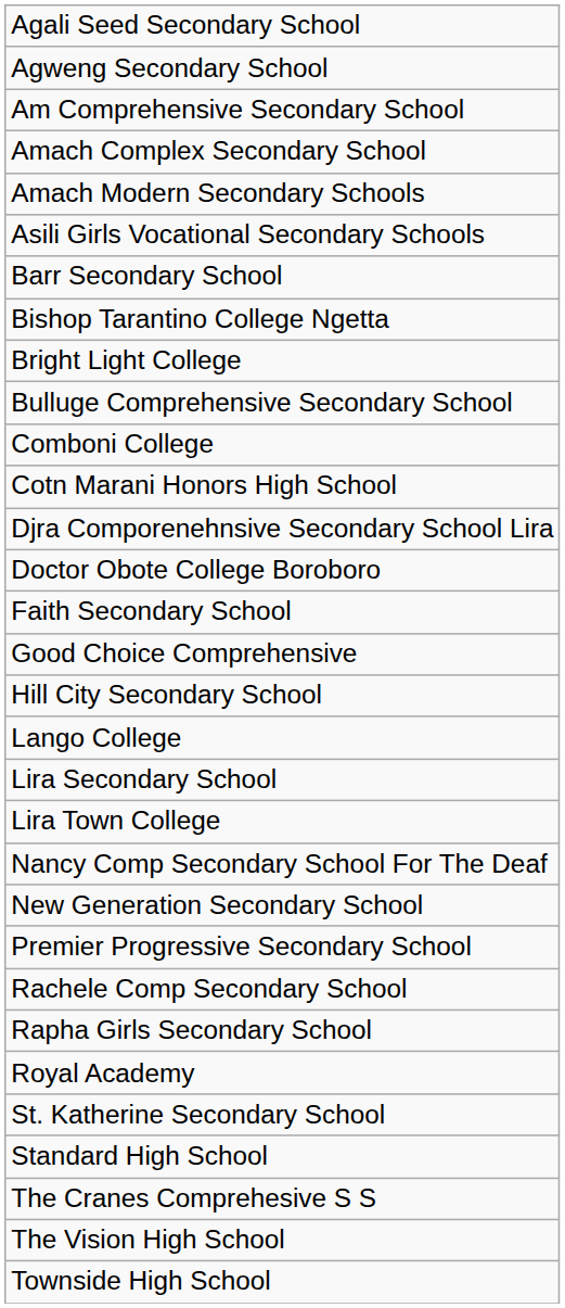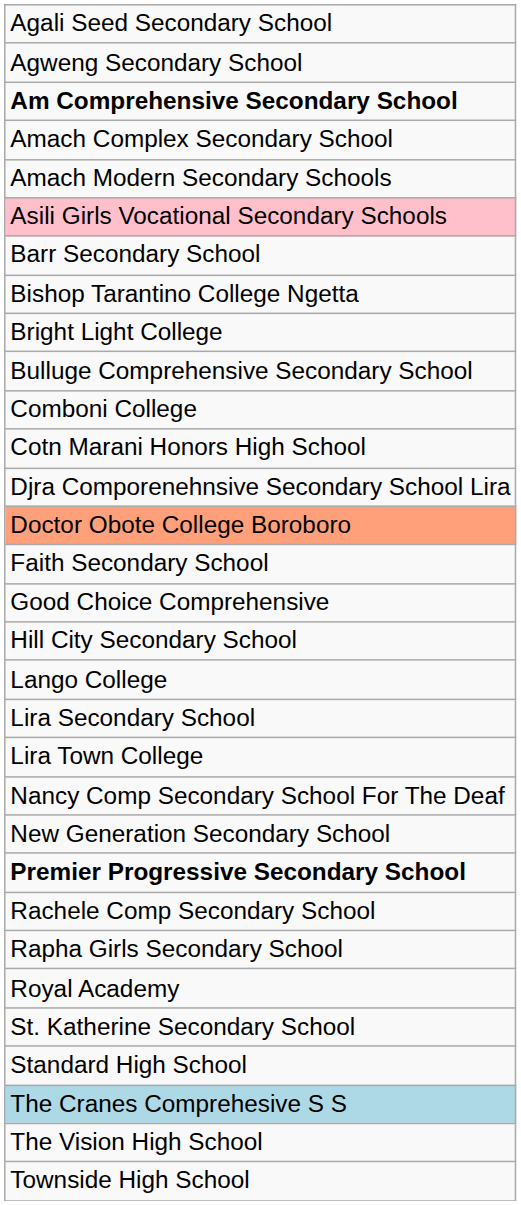 <table class="wikitable">
 <tr>
 <td>Agali Seed Secondary School</td>
 </tr>
 <tr>
 <td>Agweng Secondary School</td>
 </tr>
 <tr>
-<td>Am Comprehensive Secondary School</td>
+<td><strong>Am Comprehensive Secondary School</strong></td>
 </tr>
 <tr>
 <td>Amach Complex Secondary School</td>
 </tr>
 <tr>
 <td>Amach Modern Secondary Schools</td>
 </tr>
 <tr>
-<td>Asili Girls Vocational Secondary Schools</td>
+<td style="background: pink;">Asili Girls Vocational Secondary Schools</td>
 </tr>
 <tr>
 <td>Barr Secondary School</td>
 </tr>
 <tr>
 <td>Bishop Tarantino College Ngetta</td>
 </tr>
 <tr>
 <td>Bright Light College</td>
 </tr>
 <tr>
 <td>Bulluge Comprehensive Secondary School</td>
 </tr>
 <tr>
 <td>Comboni College</td>
 </tr>
 <tr>
 <td>Cotn Marani Honors High School</td>
 </tr>
 <tr>
 <td>Djra Comporenehnsive Secondary School Lira</td>
 </tr>
 <tr>
-<td>Doctor Obote College Boroboro</td>
+<td style="background: lightsalmon;">Doctor Obote College Boroboro</td>
 </tr>
 <tr>
 <td>Faith Secondary School</td>
 </tr>
 <tr>
 <td>Good Choice Comprehensive</td>
 </tr>
 <tr>
 <td>Hill City Secondary School</td>
 </tr>
 <tr>
 <td>Lango College</td>
 </tr>
 <tr>
 <td>Lira Secondary School</td>
 </tr>
 <tr>
 <td>Lira Town College</td>
 </tr>
 <tr>
 <td>Nancy Comp Secondary School For The Deaf</td>
 </tr>
 <tr>
 <td>New Generation Secondary School</td>
 </tr>
 <tr>
-<td>Premier Progressive Secondary School</td>
+<td><strong>Premier Progressive Secondary School</strong></td>
 </tr>
 <tr>
 <td>Rachele Comp Secondary School</td>
 </tr>
 <tr>
 <td>Rapha Girls Secondary School</td>
 </tr>
 <tr>
 <td>Royal Academy</td>
 </tr>
 <tr>
 <td>St. Katherine Secondary School</td>
 </tr>
 <tr>
 <td>Standard High School</td>
 </tr>
 <tr>
-<td>The Cranes Comprehesive S S</td>
+<td style="background: lightblue;">The Cranes Comprehesive S S</td>
 </tr>
 <tr>
 <td>The Vision High School</td>
 </tr>
 <tr>
 <td>Townside High School</td>
 </tr>
 </table>
